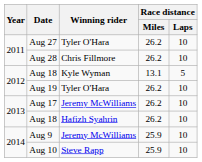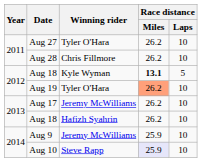 <table class="wikitable" style="font-size: 95%;">
 <tr>
 <th rowspan="2">Year</th>
 <th rowspan="2">Date</th>
 <th rowspan="2">Winning rider</th>
 <th colspan="2">Race distance</th>
 </tr>
 <tr>
 <th>Miles</th>
 <th>Laps</th>
 </tr>
 <tr>
 <td rowspan=2>2011</td>
 <td>Aug 27</td>
 <td> Tyler O'Hara</td>
 <td style="text-align:center">26.2</td>
 <td style="text-align:center">10</td>
 </tr>
 <tr>
 <td>Aug 28</td>
 <td> Chris Fillmore</td>
 <td style="text-align:center">26.2</td>
 <td style="text-align:center">10</td>
 </tr>
 <tr>
 <td rowspan=2>2012</td>
 <td>Aug 18</td>
 <td> Kyle Wyman</td>
-<td style="text-align:center">13.1</td>
+<td style="text-align:center"><strong>13.1</strong></td>
 <td style="text-align:center">5</td>
 </tr>
 <tr>
 <td>Aug 19</td>
 <td> Tyler O'Hara</td>
-<td style="text-align:center">26.2</td>
+<td style="background: lightsalmon; text-align:center">26.2</td>
 <td style="text-align:center">10</td>
 </tr>
 <tr>
 <td rowspan=2>2013</td>
 <td>Aug 17</td>
 <td> <a href='#'>Jeremy McWilliams</a></td>
 <td style="text-align:center">26.2</td>
 <td style="text-align:center">10</td>
 </tr>
 <tr>
 <td>Aug 18</td>
 <td> <a href='#'>Hafizh Syahrin</a></td>
 <td style="text-align:center">26.2</td>
 <td style="text-align:center">10</td>
 </tr>
 <tr>
 <td rowspan=2>2014</td>
 <td>Aug 9</td>
 <td> <a href='#'>Jeremy McWilliams</a></td>
 <td style="text-align:center">25.9</td>
 <td style="text-align:center">10</td>
 </tr>
 <tr>
 <td>Aug 10</td>
 <td> <a href='#'>Steve Rapp</a></td>
-<td style="text-align:center">25.9</td>
+<td style="background: lavender; text-align:center">25.9</td>
 <td style="text-align:center">10</td>
 </tr>
 </table>
